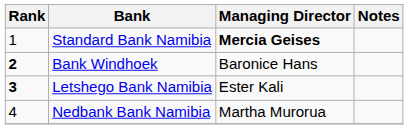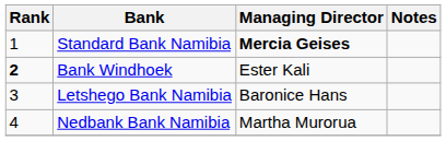 <table class="wikitable sortable" style="margin: 0.5em auto">
 <tr>
 <th>Rank</th>
 <th>Bank</th>
 <th>Managing Director</th>
 <th>Notes</th>
 </tr>
 <tr>
 <td>1</td>
 <td><a href='#'>Standard Bank Namibia</a></td>
 <td><strong>Mercia Geises</strong></td>
 <td></td>
 </tr>
 <tr>
 <td><strong>2</strong></td>
 <td><a href='#'>Bank Windhoek</a></td>
-<td>Baronice Hans</td>
+<td>Ester Kali</td>
 <td></td>
 </tr>
 <tr>
-<td><strong>3</strong></td>
+<td>3</td>
 <td><a href='#'>Letshego Bank Namibia</a></td>
-<td>Ester Kali</td>
+<td>Baronice Hans</td>
 <td></td>
 </tr>
 <tr>
 <td>4</td>
 <td><a href='#'>Nedbank Bank Namibia</a></td>
 <td>Martha Murorua</td>
 <td></td>
 </tr>
 <tr>
 </tr>
 </table>
